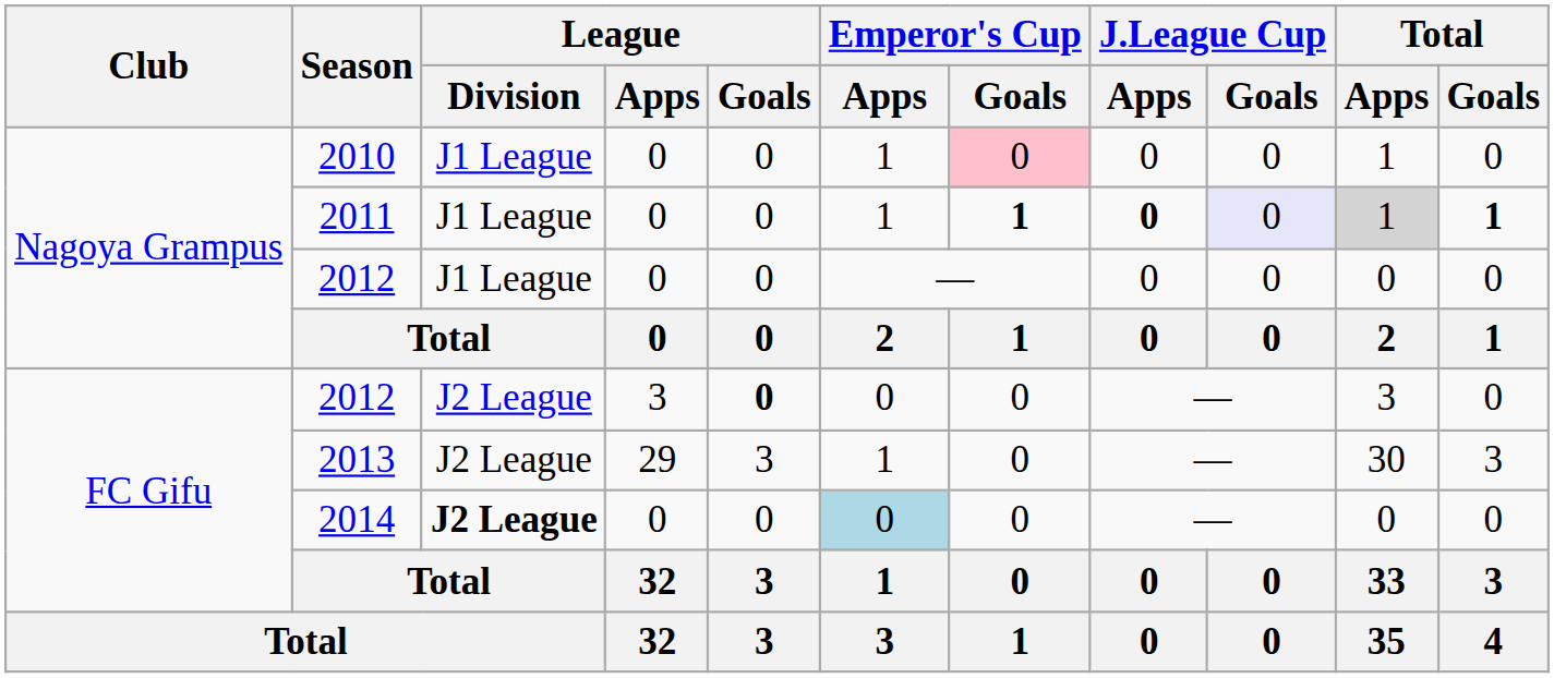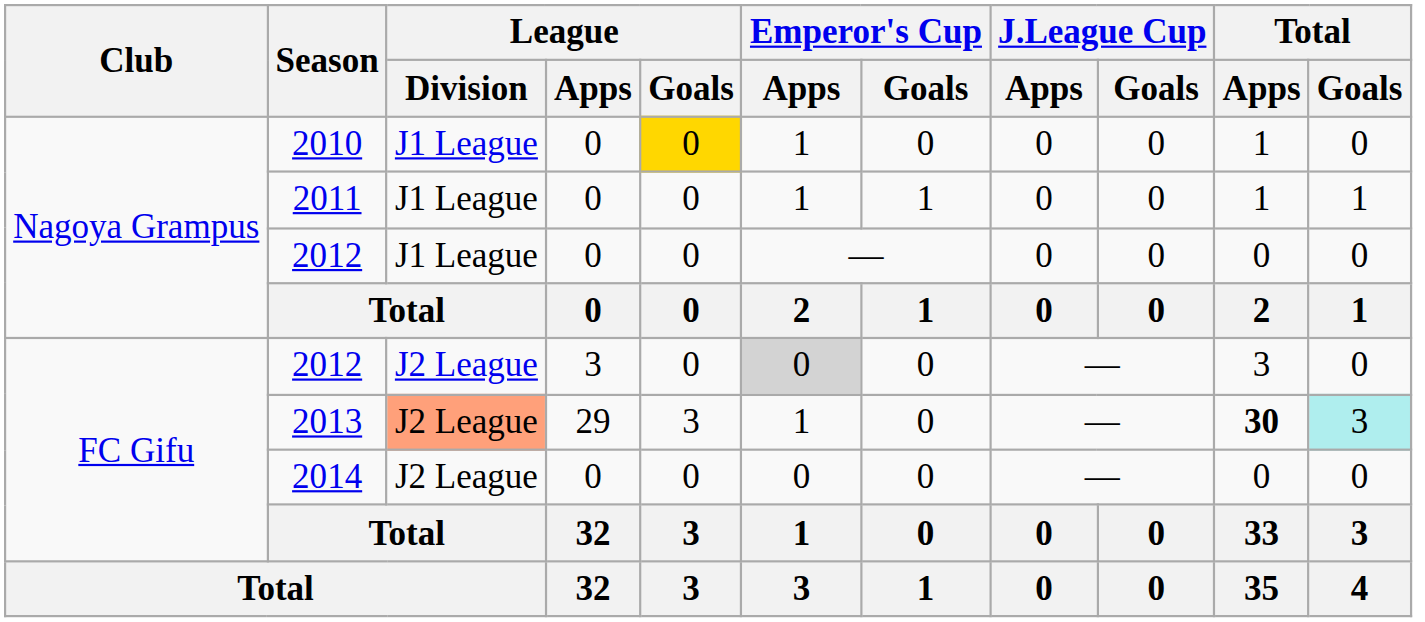 <table class="wikitable" style="text-align:center">
 <tr>
 <th rowspan="2">Club</th>
 <th rowspan="2">Season</th>
 <th colspan="3">League</th>
 <th colspan=2><a href='#'>Emperor's Cup</a></th>
 <th colspan=2><a href='#'>J.League Cup</a></th>
 <th colspan=2>Total</th>
 </tr>
 <tr>
 <th>Division</th>
 <th>Apps</th>
 <th>Goals</th>
 <th>Apps</th>
 <th>Goals</th>
 <th>Apps</th>
 <th>Goals</th>
 <th>Apps</th>
 <th>Goals</th>
 </tr>
 <tr>
 <td rowspan="4"><a href='#'>Nagoya Grampus</a></td>
 <td><a href='#'>2010</a></td>
 <td><a href='#'>J1 League</a></td>
 <td>0</td>
+<td style="background: gold;">0</td>
+<td>1</td>
 <td>0</td>
-<td>1</td>
-<td style="background: pink;">0</td>
 <td>0</td>
 <td>0</td>
 <td>1</td>
 <td>0</td>
 </tr>
 <tr>
 <td><a href='#'>2011</a></td>
 <td>J1 League</td>
 <td>0</td>
 <td>0</td>
 <td>1</td>
-<td><strong>1</strong></td>
-<td><strong>0</strong></td>
-<td style="background: lavender;">0</td>
-<td style="background: lightgrey;">1</td>
-<td><strong>1</strong></td>
+<td>1</td>
+<td>0</td>
+<td>0</td>
+<td>1</td>
+<td>1</td>
 </tr>
 <tr>
 <td><a href='#'>2012</a></td>
 <td>J1 League</td>
 <td>0</td>
 <td>0</td>
 <td colspan="2">—</td>
 <td>0</td>
 <td>0</td>
 <td>0</td>
 <td>0</td>
 </tr>
 <tr>
 <th colspan="2">Total</th>
 <th>0</th>
 <th>0</th>
 <th>2</th>
 <th>1</th>
 <th>0</th>
 <th>0</th>
 <th>2</th>
 <th>1</th>
 </tr>
 <tr>
 <td rowspan="4"><a href='#'>FC Gifu</a></td>
 <td><a href='#'>2012</a></td>
 <td><a href='#'>J2 League</a></td>
 <td>3</td>
-<td><strong>0</strong></td>
 <td>0</td>
+<td style="background: lightgrey;">0</td>
 <td>0</td>
 <td colspan="2">—</td>
 <td>3</td>
 <td>0</td>
 </tr>
 <tr>
 <td><a href='#'>2013</a></td>
-<td>J2 League</td>
+<td style="background: lightsalmon;">J2 League</td>
 <td>29</td>
 <td>3</td>
 <td>1</td>
 <td>0</td>
 <td colspan="2">—</td>
-<td>30</td>
-<td>3</td>
+<td><strong>30</strong></td>
+<td style="background: paleturquoise;">3</td>
 </tr>
 <tr>
 <td><a href='#'>2014</a></td>
-<td><strong>J2 League</strong></td>
+<td>J2 League</td>
 <td>0</td>
 <td>0</td>
-<td style="background: lightblue;">0</td>
+<td>0</td>
 <td>0</td>
 <td colspan="2">—</td>
 <td>0</td>
 <td>0</td>
 </tr>
 <tr>
 <th colspan="2">Total</th>
 <th>32</th>
 <th>3</th>
 <th>1</th>
 <th>0</th>
 <th>0</th>
 <th>0</th>
 <th>33</th>
 <th>3</th>
 </tr>
 <tr>
 <th colspan="3">Total</th>
 <th>32</th>
 <th>3</th>
 <th>3</th>
 <th>1</th>
 <th>0</th>
 <th>0</th>
 <th>35</th>
 <th>4</th>
 </tr>
 </table>
